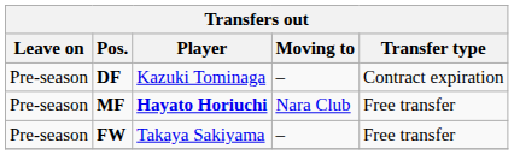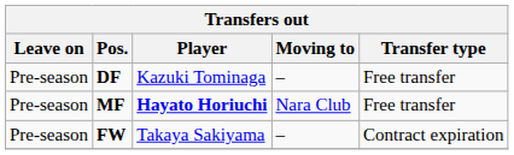 <table class="wikitable sortable" style=“text-align:left;>
 <tr>
 <th colspan="5">Transfers out</th>
 </tr>
 <tr>
 <th>Leave on</th>
 <th>Pos.</th>
 <th>Player</th>
 <th>Moving to</th>
 <th>Transfer type</th>
 </tr>
 <tr>
 <td>Pre-season</td>
 <td><strong>DF</strong></td>
 <td> <a href='#'>Kazuki Tominaga</a></td>
 <td>–</td>
-<td>Contract expiration</td>
+<td>Free transfer</td>
 </tr>
 <tr>
 <td>Pre-season</td>
 <td><strong>MF</strong></td>
 <td><strong> <a href='#'>Hayato Horiuchi</a></strong></td>
 <td> <a href='#'>Nara Club</a></td>
 <td>Free transfer</td>
 </tr>
 <tr>
 <td>Pre-season</td>
 <td><strong>FW</strong></td>
 <td> <a href='#'>Takaya Sakiyama</a></td>
 <td>–</td>
-<td>Free transfer</td>
+<td>Contract expiration</td>
 </tr>
 <tr>
 </tr>
 </table>
